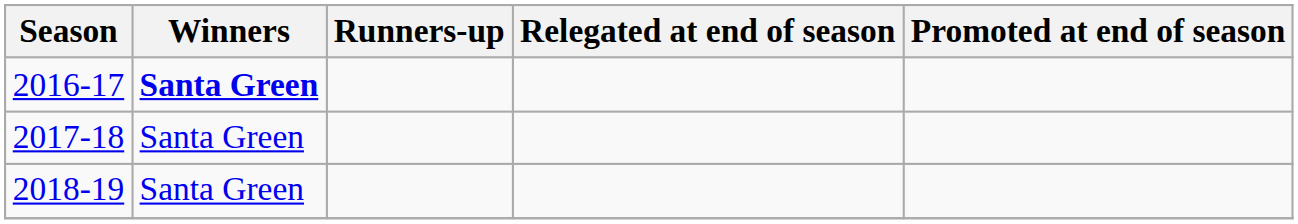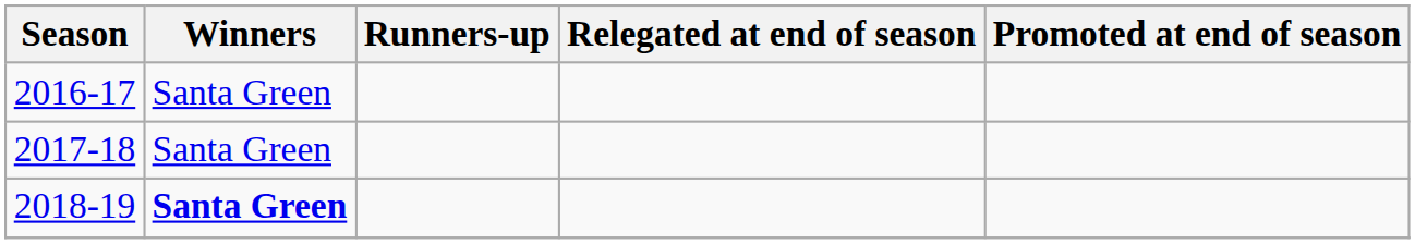 <table class="wikitable sortable">
 <tr>
 <th>Season</th>
 <th>Winners</th>
 <th>Runners-up</th>
 <th>Relegated at end of season</th>
 <th>Promoted at end of season</th>
 </tr>
 <tr>
 <td><a href='#'>2016-17</a></td>
-<td><strong><a href='#'>Santa Green</a></strong></td>
+<td><a href='#'>Santa Green</a></td>
 <td></td>
 <td></td>
 <td></td>
 </tr>
 <tr>
 <td><a href='#'>2017-18</a></td>
 <td><a href='#'>Santa Green</a></td>
 <td></td>
 <td></td>
 <td></td>
 </tr>
 <tr>
 <td><a href='#'>2018-19</a></td>
-<td><a href='#'>Santa Green</a></td>
+<td><strong><a href='#'>Santa Green</a></strong></td>
 <td></td>
 <td></td>
 <td></td>
 </tr>
 <tr>
 </tr>
 </table>
